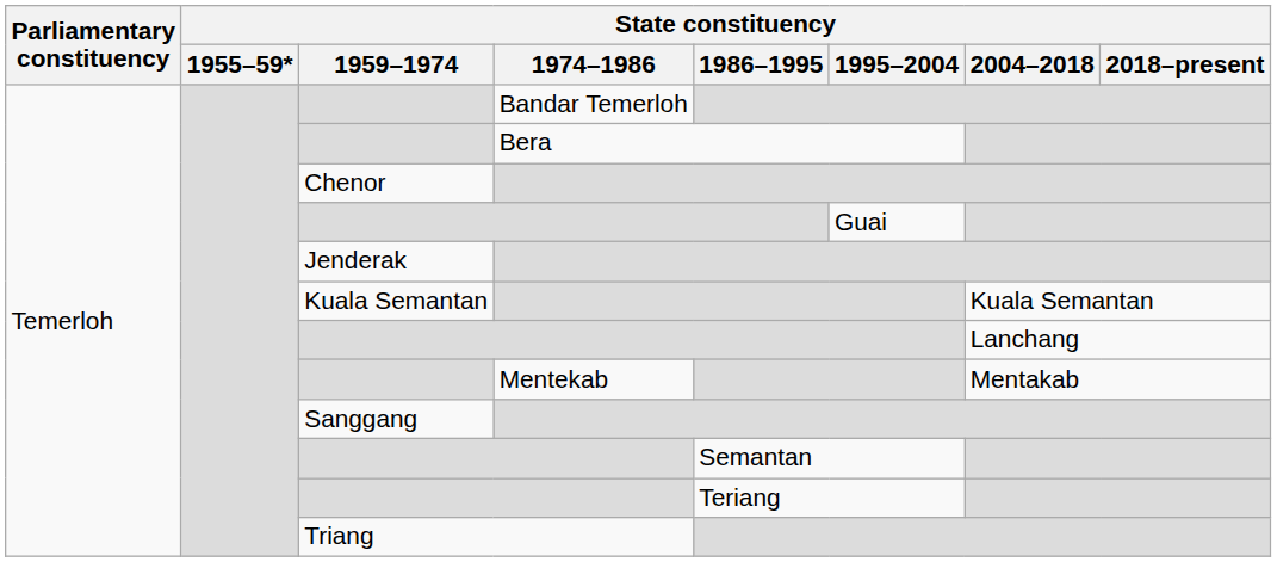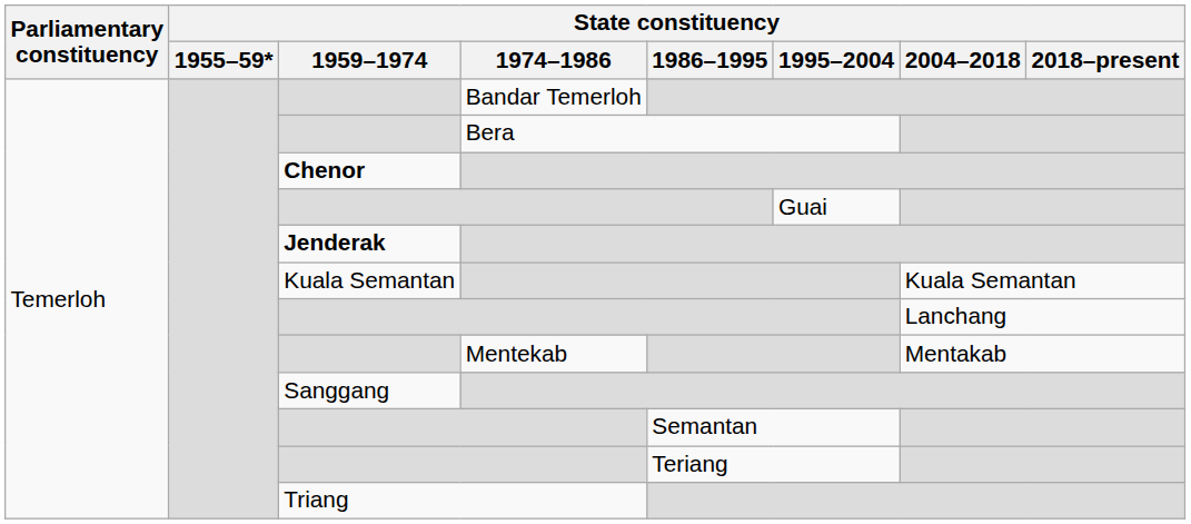 <table class="wikitable">
 <tr>
 <th rowspan="2">Parliamentary<br>constituency</th>
 <th colspan="7">State constituency</th>
 </tr>
 <tr>
 <th>1955–59*</th>
 <th>1959–1974</th>
 <th>1974–1986</th>
 <th>1986–1995</th>
 <th>1995–2004</th>
 <th>2004–2018</th>
 <th>2018–present</th>
 </tr>
 <tr>
 <td rowspan="12">Temerloh</td>
 <td rowspan="12" bgcolor="dcdcdc"></td>
 <td bgcolor="dcdcdc"></td>
 <td>Bandar Temerloh</td>
 <td colspan="4" bgcolor="dcdcdc"></td>
 </tr>
 <tr>
 <td bgcolor="dcdcdc"></td>
 <td colspan="3">Bera</td>
 <td colspan="2" bgcolor="dcdcdc"></td>
 </tr>
 <tr>
-<td>Chenor</td>
+<td><strong>Chenor</strong></td>
 <td colspan="5" bgcolor="dcdcdc"></td>
 </tr>
 <tr>
 <td colspan="3" bgcolor="dcdcdc"></td>
 <td>Guai</td>
 <td colspan="2" bgcolor="dcdcdc"></td>
 </tr>
 <tr>
-<td>Jenderak</td>
+<td><strong>Jenderak</strong></td>
 <td colspan="5" bgcolor="dcdcdc"></td>
 </tr>
 <tr>
 <td>Kuala Semantan</td>
 <td colspan="3" bgcolor="dcdcdc"></td>
 <td colspan="2">Kuala Semantan</td>
 </tr>
 <tr>
 <td colspan="4" bgcolor="dcdcdc"></td>
 <td colspan="2">Lanchang</td>
 </tr>
 <tr>
 <td bgcolor="dcdcdc"></td>
 <td>Mentekab</td>
 <td colspan="2" bgcolor="dcdcdc"></td>
 <td colspan="2">Mentakab</td>
 </tr>
 <tr>
 <td>Sanggang</td>
 <td colspan="5" bgcolor="dcdcdc"></td>
 </tr>
 <tr>
 <td colspan="2" bgcolor="dcdcdc"></td>
 <td colspan="2">Semantan</td>
 <td colspan="2" bgcolor="dcdcdc"></td>
 </tr>
 <tr>
 <td colspan="2" bgcolor="dcdcdc"></td>
 <td colspan="2">Teriang</td>
 <td colspan="2" bgcolor="dcdcdc"></td>
 </tr>
 <tr>
 <td colspan="2">Triang</td>
 <td colspan="4" bgcolor="dcdcdc"></td>
 </tr>
 </table>
